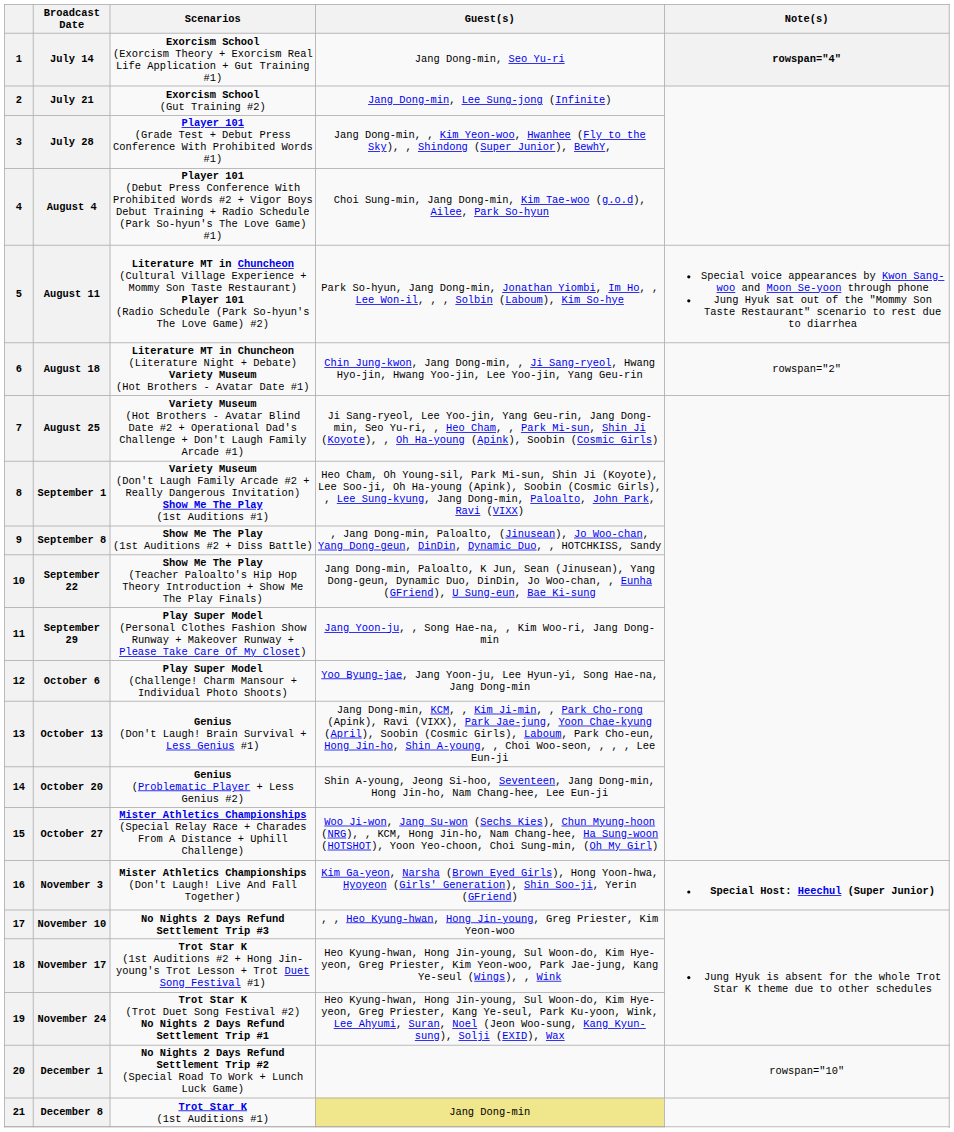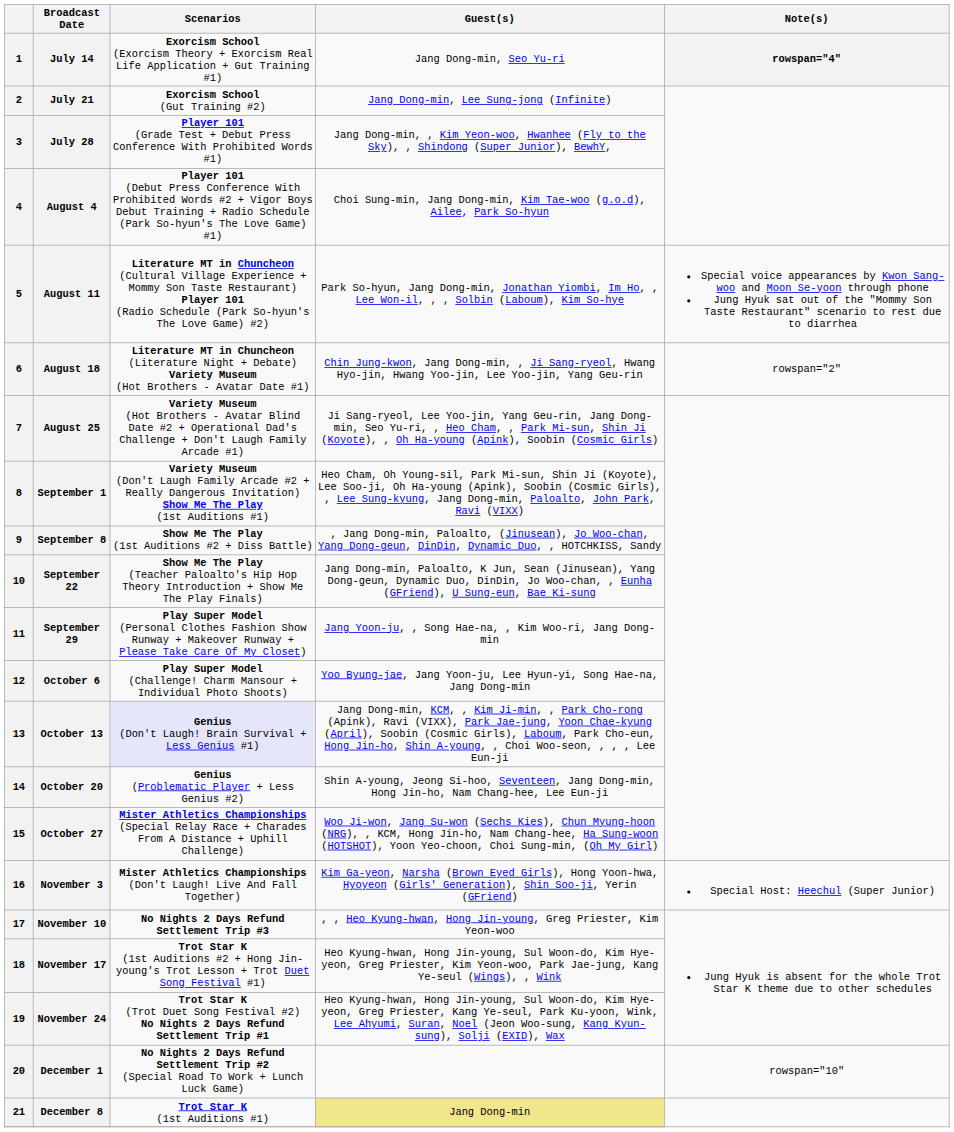 <table Class ="wikitable" style="text-align:center">
 <tr>
 <th width="30"></th>
 <th width="90">Broadcast Date</th>
 <th width="250">Scenarios</th>
 <th width="430">Guest(s)</th>
 <th width="350">Note(s)</th>
 </tr>
 <tr>
 <th>1</th>
 <th>July 14</th>
 <td><strong>Exorcism School</strong><br>(Exorcism Theory + Exorcism Real Life Application + Gut Training #1)</td>
 <td>Jang Dong-min, <a href='#'>Seo Yu-ri</a></td>
 <th>rowspan="4" </th>
 </tr>
 <tr>
 <th>2</th>
 <th>July 21</th>
 <td><strong>Exorcism School</strong><br>(Gut Training #2)</td>
 <td><a href='#'>Jang Dong-min</a>, <a href='#'>Lee Sung-jong</a> (<a href='#'>Infinite</a>)</td>
 </tr>
 <tr>
 <th>3</th>
 <th>July 28</th>
 <td><strong><a href='#'>Player 101</a></strong><br>(Grade Test + Debut Press Conference With Prohibited Words #1)</td>
 <td>Jang Dong-min, , <a href='#'>Kim Yeon-woo</a>, <a href='#'>Hwanhee</a> (<a href='#'>Fly to the Sky</a>), , <a href='#'>Shindong</a> (<a href='#'>Super Junior</a>), <a href='#'>BewhY</a>, </td>
 </tr>
 <tr>
 <th>4</th>
 <th>August 4</th>
 <td><strong>Player 101</strong><br>(Debut Press Conference With Prohibited Words #2 + Vigor Boys Debut Training + Radio Schedule (Park So-hyun's The Love Game) #1)</td>
 <td>Choi Sung-min, Jang Dong-min, <a href='#'>Kim Tae-woo</a> (<a href='#'>g.o.d</a>), <a href='#'>Ailee</a>, <a href='#'>Park So-hyun</a></td>
 </tr>
 <tr>
 <th>5</th>
 <th>August 11</th>
 <td><strong>Literature MT in <a href='#'>Chuncheon</a></strong><br>(Cultural Village Experience + Mommy Son Taste Restaurant)<br><strong>Player 101</strong><br>(Radio Schedule (Park So-hyun's The Love Game) #2)</td>
 <td>Park So-hyun, Jang Dong-min, <a href='#'>Jonathan Yiombi</a>, <a href='#'>Im Ho</a>, , <a href='#'>Lee Won-il</a>, , , <a href='#'>Solbin</a> (<a href='#'>Laboum</a>), <a href='#'>Kim So-hye</a></td>
 <td><br><ul><li>Special voice appearances by <a href='#'>Kwon Sang-woo</a> and <a href='#'>Moon Se-yoon</a> through phone</li><li>Jung Hyuk sat out of the "Mommy Son Taste Restaurant" scenario to rest due to diarrhea</li></ul></td>
 </tr>
 <tr>
 <th>6</th>
 <th>August 18</th>
 <td><strong>Literature MT in Chuncheon</strong><br>(Literature Night + Debate)<br><strong>Variety Museum</strong><br>(Hot Brothers - Avatar Date #1)</td>
 <td><a href='#'>Chin Jung-kwon</a>, Jang Dong-min, , <a href='#'>Ji Sang-ryeol</a>, Hwang Hyo-jin, Hwang Yoo-jin, Lee Yoo-jin, Yang Geu-rin</td>
 <td>rowspan="2" </td>
 </tr>
 <tr>
 <th>7</th>
 <th>August 25</th>
 <td><strong>Variety Museum</strong><br>(Hot Brothers - Avatar Blind Date #2 + Operational Dad's Challenge + Don't Laugh Family Arcade #1)</td>
 <td>Ji Sang-ryeol, Lee Yoo-jin, Yang Geu-rin, Jang Dong-min, Seo Yu-ri, , <a href='#'>Heo Cham</a>, , <a href='#'>Park Mi-sun</a>, <a href='#'>Shin Ji</a> (<a href='#'>Koyote</a>), , <a href='#'>Oh Ha-young</a> (<a href='#'>Apink</a>), Soobin (<a href='#'>Cosmic Girls</a>)</td>
 </tr>
 <tr>
 <th>8</th>
 <th>September 1</th>
 <td><strong>Variety Museum</strong><br>(Don't Laugh Family Arcade #2 + Really Dangerous Invitation)<br><strong><a href='#'>Show Me The Play</a></strong><br>(1st Auditions #1)</td>
 <td>Heo Cham, Oh Young-sil, Park Mi-sun, Shin Ji (Koyote), Lee Soo-ji, Oh Ha-young (Apink), Soobin (Cosmic Girls), , <a href='#'>Lee Sung-kyung</a>, Jang Dong-min, <a href='#'>Paloalto</a>, <a href='#'>John Park</a>, <a href='#'>Ravi</a> (<a href='#'>VIXX</a>)</td>
 </tr>
 <tr>
 <th>9</th>
 <th>September 8</th>
 <td><strong>Show Me The Play</strong><br>(1st Auditions #2 + Diss Battle)</td>
 <td>, Jang Dong-min, Paloalto,  (<a href='#'>Jinusean</a>), <a href='#'>Jo Woo-chan</a>, <a href='#'>Yang Dong-geun</a>, <a href='#'>DinDin</a>, <a href='#'>Dynamic Duo</a>, , HOTCHKISS, Sandy</td>
 </tr>
 <tr>
 <th>10</th>
 <th>September 22</th>
 <td><strong>Show Me The Play</strong><br>(Teacher Paloalto's Hip Hop Theory Introduction + Show Me The Play Finals)</td>
 <td>Jang Dong-min, Paloalto, K Jun, Sean (Jinusean), Yang Dong-geun, Dynamic Duo, DinDin, Jo Woo-chan, , <a href='#'>Eunha</a> (<a href='#'>GFriend</a>), <a href='#'>U Sung-eun</a>, <a href='#'>Bae Ki-sung</a></td>
 </tr>
 <tr>
 <th>11</th>
 <th>September 29</th>
 <td><strong>Play Super Model</strong><br>(Personal Clothes Fashion Show Runway + Makeover Runway + <a href='#'>Please Take Care Of My Closet</a>)</td>
 <td><a href='#'>Jang Yoon-ju</a>, , Song Hae-na, , Kim Woo-ri, Jang Dong-min</td>
 </tr>
 <tr>
 <th>12</th>
 <th>October 6</th>
 <td><strong>Play Super Model</strong><br>(Challenge! Charm Mansour + Individual Photo Shoots)</td>
 <td><a href='#'>Yoo Byung-jae</a>, Jang Yoon-ju, Lee Hyun-yi, Song Hae-na, Jang Dong-min</td>
 </tr>
 <tr>
 <th>13</th>
 <th>October 13</th>
-<td><strong>Genius</strong><br>(Don't Laugh! Brain Survival + <a href='#'>Less Genius</a> #1)</td>
+<td style="background: lavender;"><strong>Genius</strong><br>(Don't Laugh! Brain Survival + <a href='#'>Less Genius</a> #1)</td>
 <td>Jang Dong-min, <a href='#'>KCM</a>, , <a href='#'>Kim Ji-min</a>, , <a href='#'>Park Cho-rong</a> (Apink), Ravi (VIXX), <a href='#'>Park Jae-jung</a>, <a href='#'>Yoon Chae-kyung</a> (<a href='#'>April</a>), Soobin (Cosmic Girls), <a href='#'>Laboum</a>, Park Cho-eun, <a href='#'>Hong Jin-ho</a>, <a href='#'>Shin A-young</a>, , Choi Woo-seon, , , , Lee Eun-ji</td>
 </tr>
 <tr>
 <th>14</th>
 <th>October 20</th>
 <td><strong>Genius</strong><br>(<a href='#'>Problematic Player</a> + Less Genius #2)</td>
 <td>Shin A-young, Jeong Si-hoo, <a href='#'>Seventeen</a>, Jang Dong-min, Hong Jin-ho, Nam Chang-hee, Lee Eun-ji</td>
 </tr>
 <tr>
 <th>15</th>
 <th>October 27</th>
 <td><strong><a href='#'>Mister Athletics Championships</a></strong><br>(Special Relay Race + Charades From A Distance + Uphill Challenge)</td>
 <td><a href='#'>Woo Ji-won</a>, <a href='#'>Jang Su-won</a> (<a href='#'>Sechs Kies</a>), <a href='#'>Chun Myung-hoon</a> (<a href='#'>NRG</a>), , KCM, Hong Jin-ho, Nam Chang-hee, <a href='#'>Ha Sung-woon</a> (<a href='#'>HOTSHOT</a>), Yoon Yeo-choon, Choi Sung-min,  (<a href='#'>Oh My Girl</a>)</td>
 </tr>
 <tr>
 <th>16</th>
 <th>November 3</th>
 <td><strong>Mister Athletics Championships</strong><br>(Don't Laugh! Live And Fall Together)</td>
 <td><a href='#'>Kim Ga-yeon</a>, <a href='#'>Narsha</a> (<a href='#'>Brown Eyed Girls</a>), Hong Yoon-hwa, <a href='#'>Hyoyeon</a> (<a href='#'>Girls' Generation</a>), <a href='#'>Shin Soo-ji</a>, Yerin (<a href='#'>GFriend</a>)</td>
-<td><strong><br><ul><li>Special Host: <a href='#'>Heechul</a> (Super Junior)</li></ul></strong></td>
+<td><br><ul><li>Special Host: <a href='#'>Heechul</a> (Super Junior)</li></ul></td>
 </tr>
 <tr>
 <th>17</th>
 <th>November 10</th>
 <td><strong>No Nights 2 Days Refund Settlement Trip #3</strong></td>
 <td>, , <a href='#'>Heo Kyung-hwan</a>, <a href='#'>Hong Jin-young</a>, Greg Priester, Kim Yeon-woo</td>
 <td rowspan="3"><br><ul><li>Jung Hyuk is absent for the whole Trot Star K theme due to other schedules</li></ul></td>
 </tr>
 <tr>
 <th>18</th>
 <th>November 17</th>
 <td><strong>Trot Star K</strong><br>(1st Auditions #2 + Hong Jin-young's Trot Lesson + Trot <a href='#'>Duet Song Festival</a> #1)</td>
 <td>Heo Kyung-hwan, Hong Jin-young, Sul Woon-do, Kim Hye-yeon, Greg Priester, Kim Yeon-woo, Park Jae-jung, Kang Ye-seul (<a href='#'>Wings</a>), , <a href='#'>Wink</a></td>
 </tr>
 <tr>
 <th>19</th>
 <th>November 24</th>
 <td><strong>Trot Star K</strong><br>(Trot Duet Song Festival #2)<br><strong>No Nights 2 Days Refund Settlement Trip #1</strong></td>
 <td>Heo Kyung-hwan, Hong Jin-young, Sul Woon-do, Kim Hye-yeon, Greg Priester, Kang Ye-seul, Park Ku-yoon, Wink, <a href='#'>Lee Ahyumi</a>, <a href='#'>Suran</a>, <a href='#'>Noel</a> (Jeon Woo-sung, <a href='#'>Kang Kyun-sung</a>), <a href='#'>Solji</a> (<a href='#'>EXID</a>), <a href='#'>Wax</a></td>
 </tr>
 <tr>
 <th>20</th>
 <th>December 1</th>
 <td><strong>No Nights 2 Days Refund Settlement Trip #2</strong><br>(Special Road To Work + Lunch Luck Game)</td>
 <td></td>
 <td>rowspan="10" </td>
 </tr>
 <tr>
 <th>21</th>
 <th>December 8</th>
 <td><strong><a href='#'>Trot Star K</a></strong><br>(1st Auditions #1)</td>
 <td style="background: khaki;">Jang Dong-min</td>
 </tr>
 <tr>
 </tr>
 </table>
